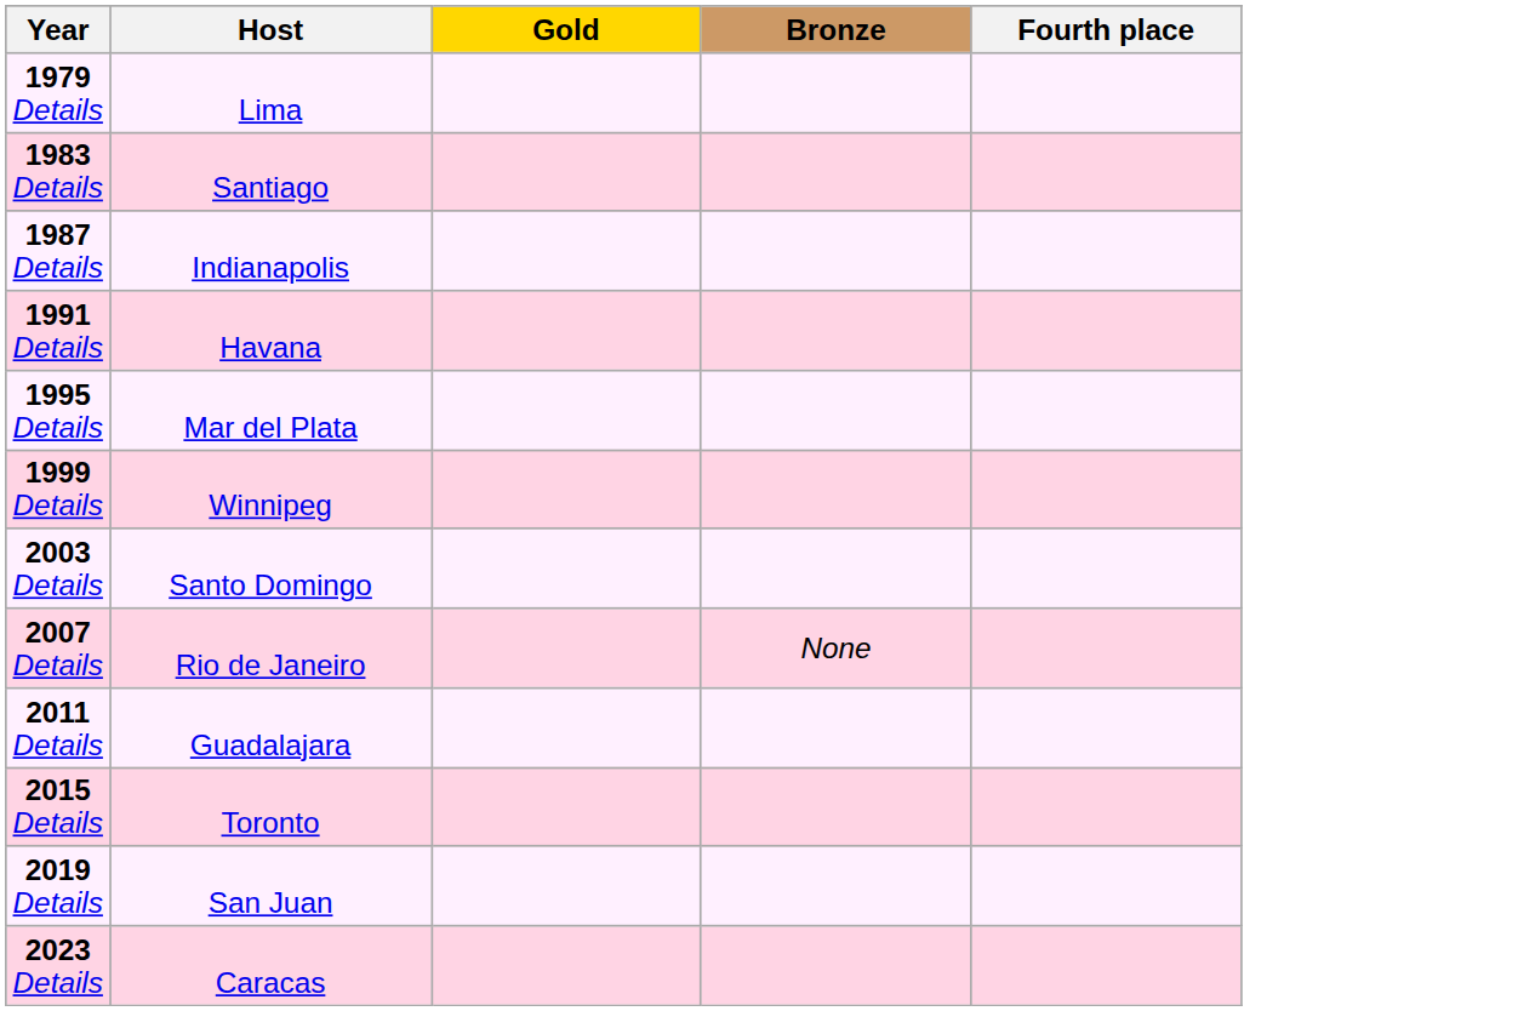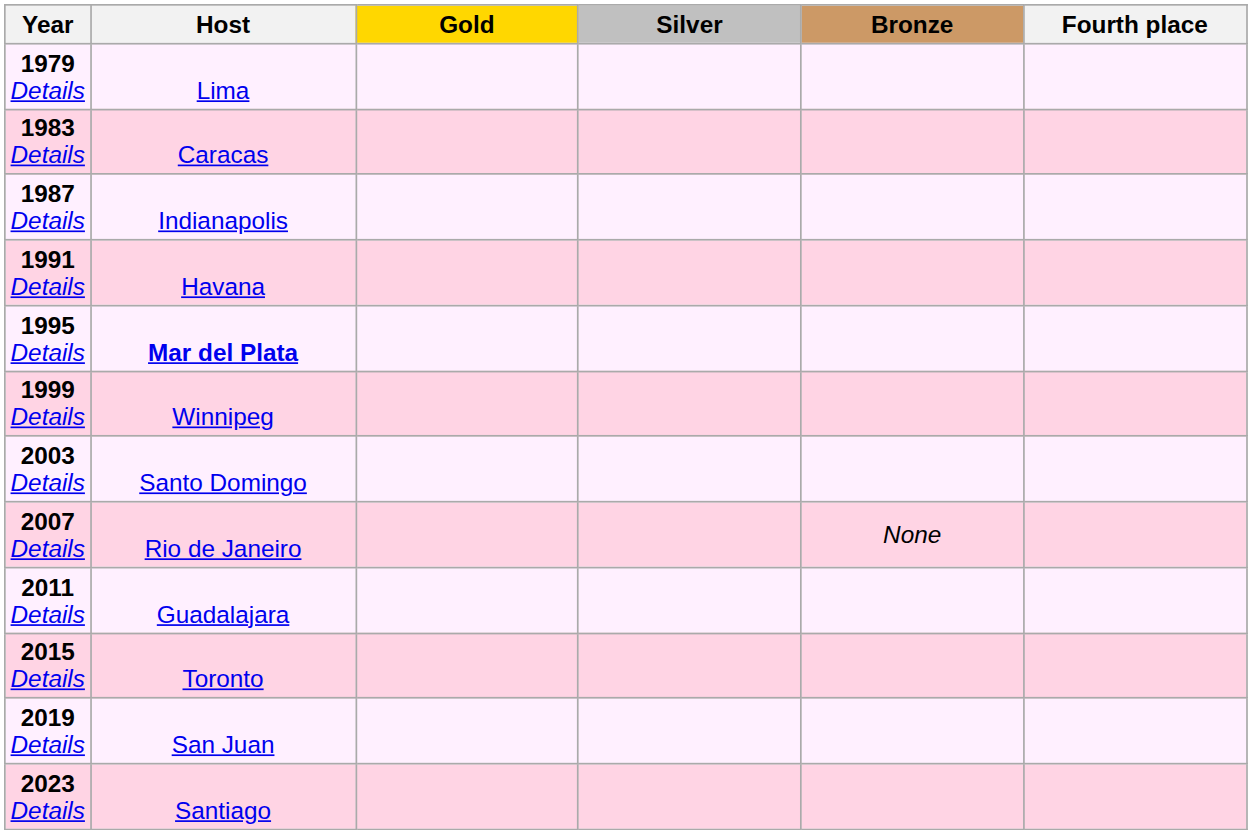 <table class="wikitable" style="font-size: 90%; text-align: center;">
 <tr>
 <th width="30">Year</th>
 <th width="150">Host</th>
 <th width="125" style="background: gold;">Gold</th>
+<th width="125" style="background: silver;">Silver</th>
 <th width="125" style="background: #cc9966;">Bronze</th>
 <th width="125" style="background:">Fourth place</th>
 </tr>
 <tr align=center bgcolor=#fff0ff>
 <td><strong>1979</strong><br><em><a href='#'>Details</a></em></td>
 <td><br><a href='#'>Lima</a></td>
 <td></td>
 <td></td>
 <td></td>
+<td></td>
 </tr>
 <tr align=center bgcolor=#ffd4e4>
 <td><strong>1983</strong><br><em><a href='#'>Details</a></em></td>
-<td><br><a href='#'>Santiago</a></td>
+<td><br><a href='#'>Caracas</a></td>
+<td></td>
 <td></td>
 <td></td>
 <td></td>
 </tr>
 <tr align=center bgcolor=#fff0ff>
 <td><strong>1987</strong><br><em><a href='#'>Details</a></em></td>
 <td><br><a href='#'>Indianapolis</a></td>
 <td></td>
 <td></td>
 <td></td>
+<td></td>
 </tr>
 <tr align=center bgcolor=#ffd4e4>
 <td><strong>1991</strong><br><em><a href='#'>Details</a></em></td>
 <td><br><a href='#'>Havana</a></td>
 <td></td>
 <td></td>
 <td></td>
+<td></td>
 </tr>
 <tr align=center bgcolor=#fff0ff>
 <td><strong>1995</strong><br><em><a href='#'>Details</a></em></td>
-<td><br><a href='#'>Mar del Plata</a></td>
+<td><strong><br><a href='#'>Mar del Plata</a></strong></td>
+<td></td>
 <td></td>
 <td></td>
 <td></td>
 </tr>
 <tr align=center bgcolor=#ffd4e4>
 <td><strong>1999</strong><br><em><a href='#'>Details</a></em></td>
 <td><br><a href='#'>Winnipeg</a></td>
 <td></td>
 <td></td>
 <td></td>
+<td></td>
 </tr>
 <tr align=center bgcolor=#fff0ff>
 <td><strong>2003</strong><br><em><a href='#'>Details</a></em></td>
 <td><br><a href='#'>Santo Domingo</a></td>
+<td></td>
 <td></td>
 <td></td>
 <td></td>
 </tr>
 <tr align=center bgcolor=#ffd4e4>
 <td><strong>2007</strong><br><em><a href='#'>Details</a></em></td>
 <td><br><a href='#'>Rio de Janeiro</a></td>
 <td></td>
+<td><br></td>
 <td><em>None</em></td>
 <td></td>
 </tr>
 <tr align=center bgcolor=#fff0ff>
 <td><strong>2011</strong><br><em><a href='#'>Details</a></em></td>
 <td><br><a href='#'>Guadalajara</a></td>
+<td></td>
 <td></td>
 <td></td>
 <td></td>
 </tr>
 <tr align=center bgcolor=#ffd4e4>
 <td><strong>2015</strong><br><em><a href='#'>Details</a></em></td>
 <td><br><a href='#'>Toronto</a></td>
 <td></td>
 <td></td>
 <td></td>
+<td></td>
 </tr>
 <tr align=center bgcolor=#fff0ff>
 <td><strong>2019</strong><br><em><a href='#'>Details</a></em></td>
 <td><br><a href='#'>San Juan</a></td>
 <td></td>
 <td></td>
 <td></td>
+<td></td>
 </tr>
 <tr align=center bgcolor=#ffd4e4>
 <td><strong>2023</strong><br><em><a href='#'>Details</a></em></td>
-<td><br><a href='#'>Caracas</a></td>
+<td><br><a href='#'>Santiago</a></td>
+<td></td>
 <td></td>
 <td></td>
 <td></td>
 </tr>
 </table>
